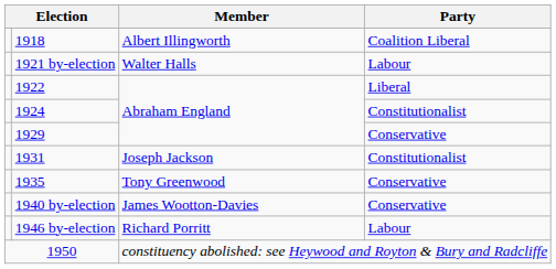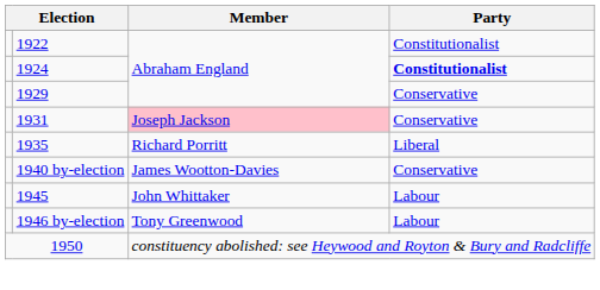 <table class="wikitable">
 <tr>
 <th colspan="2">Election</th>
 <th>Member</th>
 <th>Party</th>
 </tr>
 <tr>
 <td style="color:inherit;background-color: "></td>
-<td><a href='#'>1918</a></td>
-<td><a href='#'>Albert Illingworth</a></td>
-<td><a href='#'>Coalition Liberal</a></td>
-</tr>
-<tr>
-<td style="color:inherit;background-color: "></td>
-<td><a href='#'>1921 by-election</a></td>
-<td><a href='#'>Walter Halls</a></td>
-<td><a href='#'>Labour</a></td>
-</tr>
-<tr>
-<td style="color:inherit;background-color: "></td>
 <td><a href='#'>1922</a></td>
 <td rowspan="3"><a href='#'>Abraham England</a></td>
-<td><a href='#'>Liberal</a></td>
+<td><a href='#'>Constitutionalist</a></td>
 </tr>
 <tr>
 <td style="color:inherit;background-color: "></td>
 <td><a href='#'>1924</a></td>
-<td><a href='#'>Constitutionalist</a></td>
+<td><strong><a href='#'>Constitutionalist</a></strong></td>
 </tr>
 <tr>
 <td style="color:inherit;background-color: "></td>
 <td><a href='#'>1929</a></td>
 <td><a href='#'>Conservative</a></td>
 </tr>
 <tr>
 <td style="color:inherit;background-color: "></td>
 <td><a href='#'>1931</a></td>
-<td><a href='#'>Joseph Jackson</a></td>
-<td><a href='#'>Constitutionalist</a></td>
+<td style="background: pink;"><a href='#'>Joseph Jackson</a></td>
+<td><a href='#'>Conservative</a></td>
 </tr>
 <tr>
 <td style="color:inherit;background-color: "></td>
 <td><a href='#'>1935</a></td>
-<td><a href='#'>Tony Greenwood</a></td>
-<td><a href='#'>Conservative</a></td>
+<td><a href='#'>Richard Porritt</a></td>
+<td><a href='#'>Liberal</a></td>
 </tr>
 <tr>
 <td style="color:inherit;background-color: "></td>
 <td><a href='#'>1940 by-election</a></td>
 <td><a href='#'>James Wootton-Davies</a></td>
 <td><a href='#'>Conservative</a></td>
 </tr>
 <tr>
 <td style="color:inherit;background-color: "></td>
+<td><a href='#'>1945</a></td>
+<td><a href='#'>John Whittaker</a></td>
+<td><a href='#'>Labour</a></td>
+</tr>
+<tr>
+<td style="color:inherit;background-color: "></td>
 <td><a href='#'>1946 by-election</a></td>
-<td><a href='#'>Richard Porritt</a></td>
+<td><a href='#'>Tony Greenwood</a></td>
 <td><a href='#'>Labour</a></td>
 </tr>
 <tr>
 <td colspan="2" align="center"><a href='#'>1950</a></td>
 <td colspan="2"><em>constituency abolished: see <a href='#'>Heywood and Royton</a> & <a href='#'>Bury and Radcliffe</a></em></td>
 </tr>
 </table>
